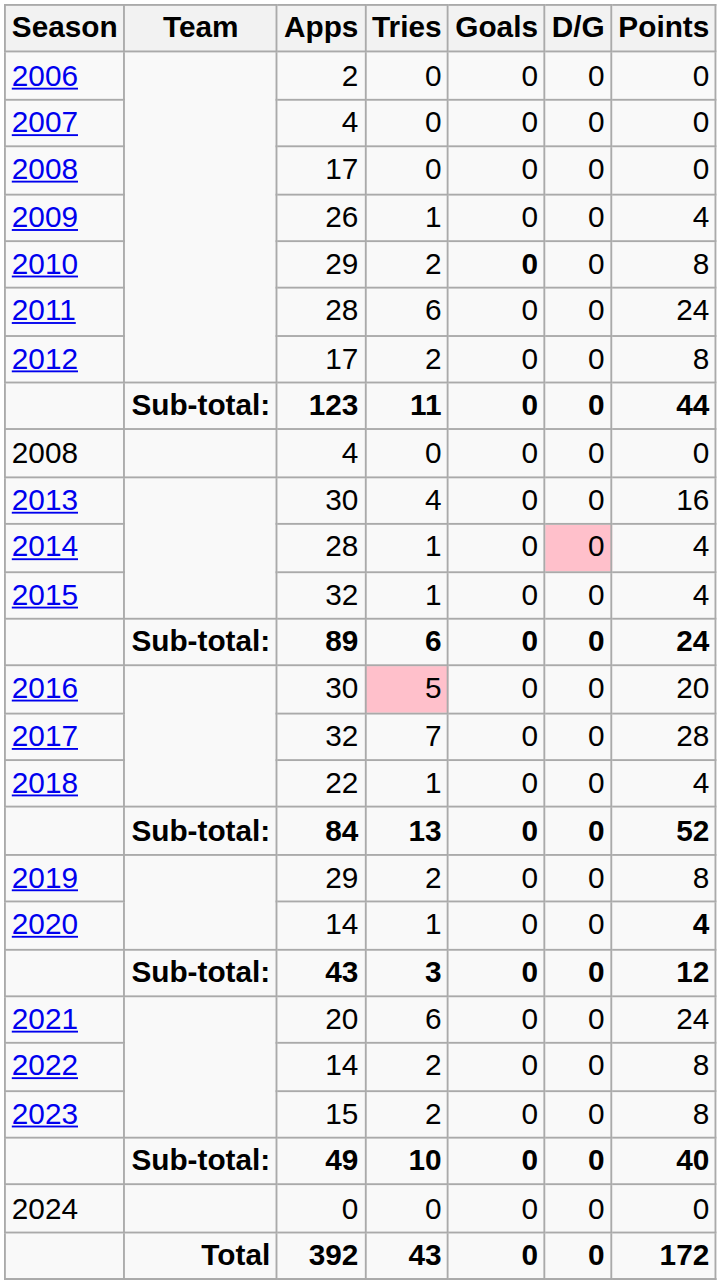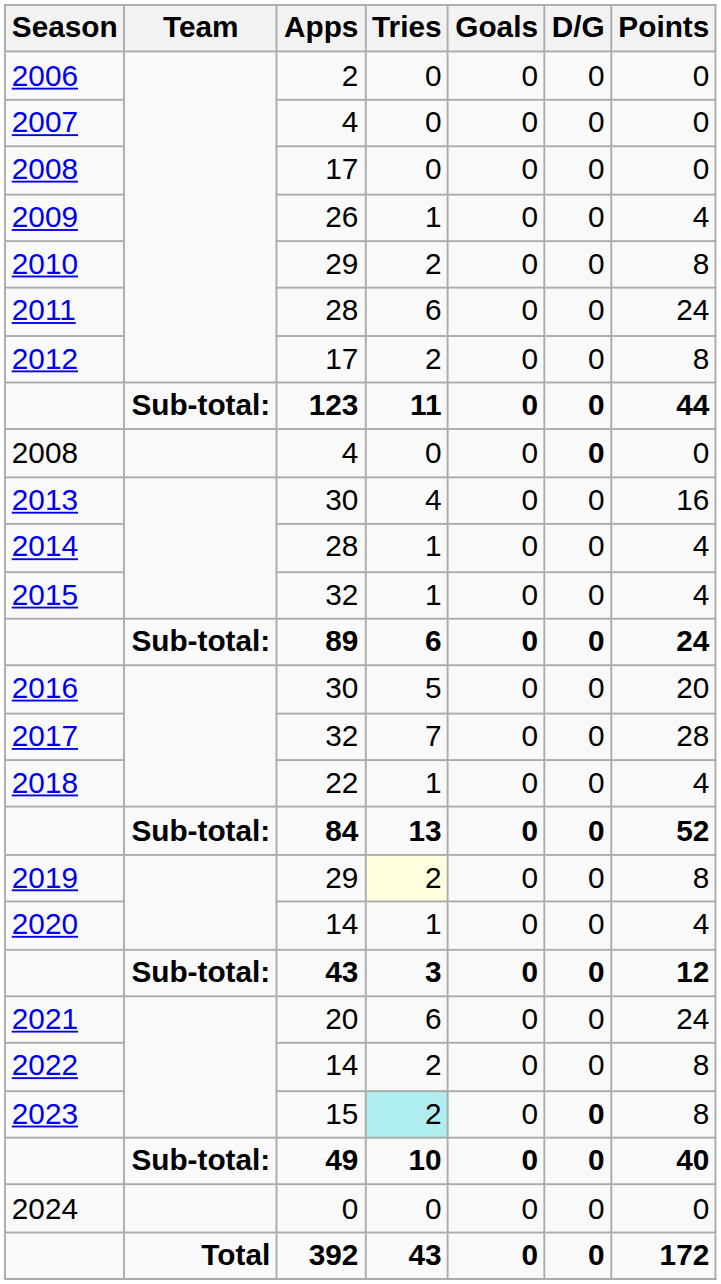 <table class="wikitable">
 <tr>
 <th>Season</th>
 <th>Team</th>
 <th>Apps</th>
 <th>Tries</th>
 <th>Goals</th>
 <th>D/G</th>
 <th>Points</th>
 </tr>
 <tr>
 <td align=left><a href='#'>2006</a></td>
 <td align=left rowspan="7"></td>
 <td align=right>2</td>
 <td align=right>0</td>
 <td align=right>0</td>
 <td align=right>0</td>
 <td align=right>0</td>
 </tr>
 <tr>
 <td align=left><a href='#'>2007</a></td>
 <td align=right>4</td>
 <td align=right>0</td>
 <td align=right>0</td>
 <td align=right>0</td>
 <td align=right>0</td>
 </tr>
 <tr>
 <td align=left><a href='#'>2008</a></td>
 <td align=right>17</td>
 <td align=right>0</td>
 <td align=right>0</td>
 <td align=right>0</td>
 <td align=right>0</td>
 </tr>
 <tr>
 <td align=left><a href='#'>2009</a></td>
 <td align=right>26</td>
 <td align=right>1</td>
 <td align=right>0</td>
 <td align=right>0</td>
 <td align=right>4</td>
 </tr>
 <tr>
 <td align=left><a href='#'>2010</a></td>
 <td align=right>29</td>
 <td align=right>2</td>
-<td align=right><strong>0</strong></td>
+<td align=right>0</td>
 <td align=right>0</td>
 <td align=right>8</td>
 </tr>
 <tr>
 <td align=left><a href='#'>2011</a></td>
 <td align=right>28</td>
 <td align=right>6</td>
 <td align=right>0</td>
 <td align=right>0</td>
 <td align=right>24</td>
 </tr>
 <tr>
 <td align=left><a href='#'>2012</a></td>
 <td align=right>17</td>
 <td align=right>2</td>
 <td align=right>0</td>
 <td align=right>0</td>
 <td align=right>8</td>
 </tr>
 <tr>
 <td></td>
 <td align=right><strong>Sub-total:</strong></td>
 <td align=right><strong>123</strong></td>
 <td align=right><strong>11</strong></td>
 <td align=right><strong>0</strong></td>
 <td align=right><strong>0</strong></td>
 <td align=right><strong>44</strong></td>
 </tr>
 <tr>
 <td align=left>2008</td>
 <td align=left></td>
 <td align=right>4</td>
 <td align=right>0</td>
 <td align=right>0</td>
-<td align=right>0</td>
+<td align=right><strong>0</strong></td>
 <td align=right>0</td>
 </tr>
 <tr>
 <td align=left><a href='#'>2013</a></td>
 <td align=left rowspan="3"></td>
 <td align=right>30</td>
 <td align=right>4</td>
 <td align=right>0</td>
 <td align=right>0</td>
 <td align=right>16</td>
 </tr>
 <tr>
 <td align=left><a href='#'>2014</a></td>
 <td align=right>28</td>
 <td align=right>1</td>
 <td align=right>0</td>
-<td align=right style="background: pink;">0</td>
+<td align=right>0</td>
 <td align=right>4</td>
 </tr>
 <tr>
 <td align=left><a href='#'>2015</a></td>
 <td align=right>32</td>
 <td align=right>1</td>
 <td align=right>0</td>
 <td align=right>0</td>
 <td align=right>4</td>
 </tr>
 <tr>
 <td></td>
 <td align=right><strong>Sub-total:</strong></td>
 <td align=right><strong>89</strong></td>
 <td align=right><strong>6</strong></td>
 <td align=right><strong>0</strong></td>
 <td align=right><strong>0</strong></td>
 <td align=right><strong>24</strong></td>
 </tr>
 <tr>
 <td align=left><a href='#'>2016</a></td>
 <td align=left rowspan="3"></td>
 <td align=right>30</td>
-<td align=right style="background: pink;">5</td>
+<td align=right>5</td>
 <td align=right>0</td>
 <td align=right>0</td>
 <td align=right>20</td>
 </tr>
 <tr>
 <td align=left><a href='#'>2017</a></td>
 <td align=right>32</td>
 <td align=right>7</td>
 <td align=right>0</td>
 <td align=right>0</td>
 <td align=right>28</td>
 </tr>
 <tr>
 <td align=left><a href='#'>2018</a></td>
 <td align=right>22</td>
 <td align=right>1</td>
 <td align=right>0</td>
 <td align=right>0</td>
 <td align=right>4</td>
 </tr>
 <tr>
 <td></td>
 <td align=right><strong>Sub-total:</strong></td>
 <td align=right><strong>84</strong></td>
 <td align=right><strong>13</strong></td>
 <td align=right><strong>0</strong></td>
 <td align=right><strong>0</strong></td>
 <td align=right><strong>52</strong></td>
 </tr>
 <tr>
 <td align=left><a href='#'>2019</a></td>
 <td align=left rowspan="2"></td>
 <td align=right>29</td>
-<td align=right>2</td>
+<td align=right style="background: lightyellow;">2</td>
 <td align=right>0</td>
 <td align=right>0</td>
 <td align=right>8</td>
 </tr>
 <tr>
 <td align=left><a href='#'>2020</a></td>
 <td align=right>14</td>
 <td align=right>1</td>
 <td align=right>0</td>
 <td align=right>0</td>
-<td align=right><strong>4</strong></td>
+<td align=right>4</td>
 </tr>
 <tr>
 <td></td>
 <td align=right><strong>Sub-total:</strong></td>
 <td align=right><strong>43</strong></td>
 <td align=right><strong>3</strong></td>
 <td align=right><strong>0</strong></td>
 <td align=right><strong>0</strong></td>
 <td align=right><strong>12</strong></td>
 </tr>
 <tr>
 <td align=left><a href='#'>2021</a></td>
 <td align=left rowspan="3"></td>
 <td align=right>20</td>
 <td align=right>6</td>
 <td align=right>0</td>
 <td align=right>0</td>
 <td align=right>24</td>
 </tr>
 <tr>
 <td align=left><a href='#'>2022</a></td>
 <td align=right>14</td>
 <td align=right>2</td>
 <td align=right>0</td>
 <td align=right>0</td>
 <td align=right>8</td>
 </tr>
 <tr>
 <td align=left><a href='#'>2023</a></td>
 <td align=right>15</td>
-<td align=right>2</td>
+<td align=right style="background: paleturquoise;">2</td>
 <td align=right>0</td>
-<td align=right>0</td>
+<td align=right><strong>0</strong></td>
 <td align=right>8</td>
 </tr>
 <tr>
 <td></td>
 <td align=right><strong>Sub-total:</strong></td>
 <td align=right><strong>49</strong></td>
 <td align=right><strong>10</strong></td>
 <td align=right><strong>0</strong></td>
 <td align=right><strong>0</strong></td>
 <td align=right><strong>40</strong></td>
 </tr>
 <tr>
 <td align=left>2024</td>
 <td align=left rowspan="1"></td>
 <td align=right>0</td>
 <td align=right>0</td>
 <td align=right>0</td>
 <td align=right>0</td>
 <td align=right>0</td>
 </tr>
 <tr>
 <td></td>
 <td align=right><strong>Total</strong></td>
 <td align=right><strong>392</strong></td>
 <td align=right><strong>43</strong></td>
 <td align=right><strong>0</strong></td>
 <td align=right><strong>0</strong></td>
 <td align=right><strong>172</strong></td>
 </tr>
 <tr>
 </tr>
 </table>
